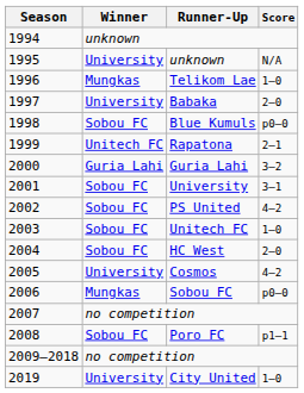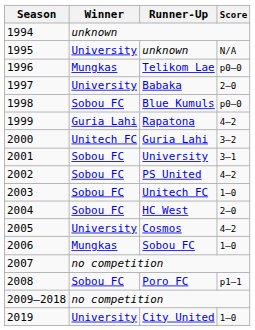 <table class="wikitable" style="display: inline-table;">
 <tr>
 <th>Season</th>
 <th>Winner</th>
 <th>Runner-Up</th>
 <th><small>Score</small></th>
 </tr>
 <tr>
 <td>1994</td>
 <td colspan="3"><em>unknown</em></td>
 </tr>
 <tr>
 <td>1995</td>
 <td><a href='#'>University</a></td>
 <td><em>unknown</em></td>
 <td><small>N/A</small></td>
 </tr>
 <tr>
 <td>1996</td>
 <td><a href='#'>Mungkas</a></td>
 <td><a href='#'>Telikom Lae</a></td>
-<td><small>1–0</small></td>
+<td><small>p0–0</small></td>
 </tr>
 <tr>
 <td>1997</td>
 <td><a href='#'>University</a></td>
 <td><a href='#'>Babaka</a></td>
 <td><small>2–0</small></td>
 </tr>
 <tr>
 <td>1998</td>
 <td><a href='#'>Sobou FC</a></td>
 <td><a href='#'>Blue Kumuls</a></td>
 <td><small>p0–0</small></td>
 </tr>
 <tr>
 <td>1999</td>
-<td><a href='#'>Unitech FC</a></td>
+<td><a href='#'>Guria Lahi</a></td>
 <td><a href='#'>Rapatona</a></td>
-<td><small>2–1</small></td>
+<td><small>4–2</small></td>
 </tr>
 <tr>
 <td>2000</td>
-<td><a href='#'>Guria Lahi</a></td>
+<td><a href='#'>Unitech FC</a></td>
 <td><a href='#'>Guria Lahi</a></td>
 <td><small>3–2</small></td>
 </tr>
 <tr>
 <td>2001</td>
 <td><a href='#'>Sobou FC</a></td>
 <td><a href='#'>University</a></td>
 <td><small>3–1</small></td>
 </tr>
 <tr>
 <td>2002</td>
 <td><a href='#'>Sobou FC</a></td>
 <td><a href='#'>PS United</a></td>
 <td><small>4–2</small></td>
 </tr>
 <tr>
 <td>2003</td>
 <td><a href='#'>Sobou FC</a></td>
 <td><a href='#'>Unitech FC</a></td>
 <td><small>1–0</small></td>
 </tr>
 <tr>
 <td>2004</td>
 <td><a href='#'>Sobou FC</a></td>
 <td><a href='#'>HC West</a></td>
 <td><small>2–0</small></td>
 </tr>
 <tr>
 <td>2005</td>
 <td><a href='#'>University</a></td>
 <td><a href='#'>Cosmos</a></td>
 <td><small>4–2</small></td>
 </tr>
 <tr>
 <td>2006</td>
 <td><a href='#'>Mungkas</a></td>
 <td><a href='#'>Sobou FC</a></td>
-<td><small>p0–0</small></td>
+<td><small>1–0</small></td>
 </tr>
 <tr>
 <td>2007</td>
 <td colspan="3"><em>no competition</em></td>
 </tr>
 <tr>
 <td>2008</td>
 <td><a href='#'>Sobou FC</a></td>
 <td><a href='#'>Poro FC</a></td>
 <td><small>p1–1</small></td>
 </tr>
 <tr>
 <td>2009–2018</td>
 <td colspan="3"><em>no competition</em></td>
 </tr>
 <tr>
 <td>2019</td>
 <td><a href='#'>University</a></td>
 <td><a href='#'>City United</a></td>
 <td><small>1–0</small></td>
 </tr>
 </table>
